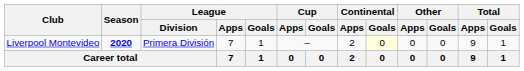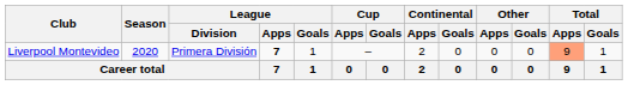 <table class="wikitable" style="text-align: center">
 <tr>
 <th rowspan="2">Club</th>
 <th rowspan="2">Season</th>
 <th colspan="3">League</th>
 <th colspan="2">Cup</th>
 <th colspan="2">Continental</th>
 <th colspan="2">Other</th>
 <th colspan="2">Total</th>
 </tr>
 <tr>
 <th>Division</th>
 <th>Apps</th>
 <th>Goals</th>
 <th>Apps</th>
 <th>Goals</th>
 <th>Apps</th>
 <th>Goals</th>
 <th>Apps</th>
 <th>Goals</th>
 <th>Apps</th>
 <th>Goals</th>
 </tr>
 <tr>
 <td rowspan="1"><a href='#'>Liverpool Montevideo</a></td>
-<td><strong><a href='#'>2020</a></strong></td>
+<td><a href='#'>2020</a></td>
 <td><a href='#'>Primera División</a></td>
-<td>7</td>
+<td><strong>7</strong></td>
 <td>1</td>
 <td colspan="2">–</td>
 <td>2</td>
-<td style="background: lightyellow;">0</td>
 <td>0</td>
 <td>0</td>
-<td>9</td>
+<td>0</td>
+<td style="background: lightsalmon;">9</td>
 <td>1</td>
 </tr>
 <tr>
 <th colspan="3">Career total</th>
 <th>7</th>
 <th>1</th>
 <th>0</th>
 <th>0</th>
 <th>2</th>
 <th>0</th>
 <th>0</th>
 <th>0</th>
 <th>9</th>
 <th>1</th>
 </tr>
 </table>
